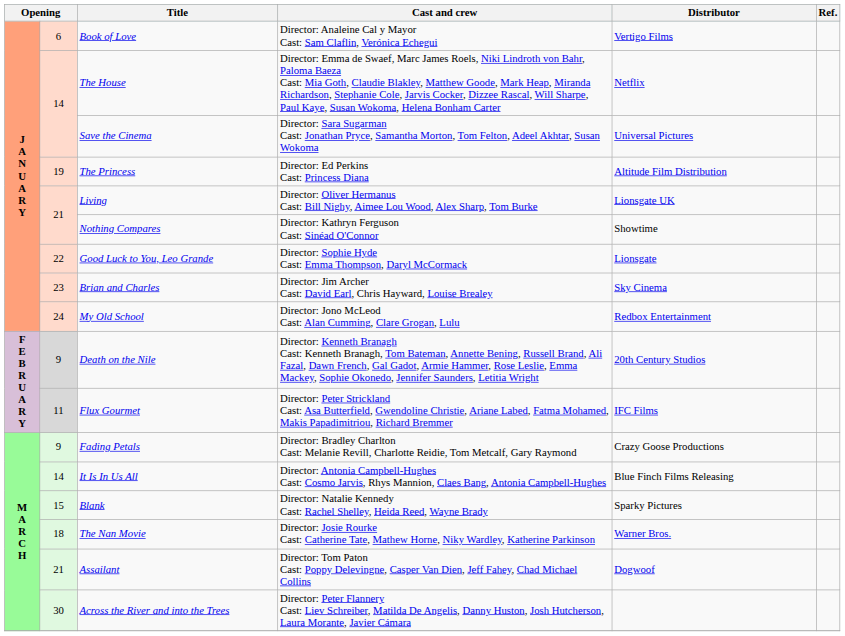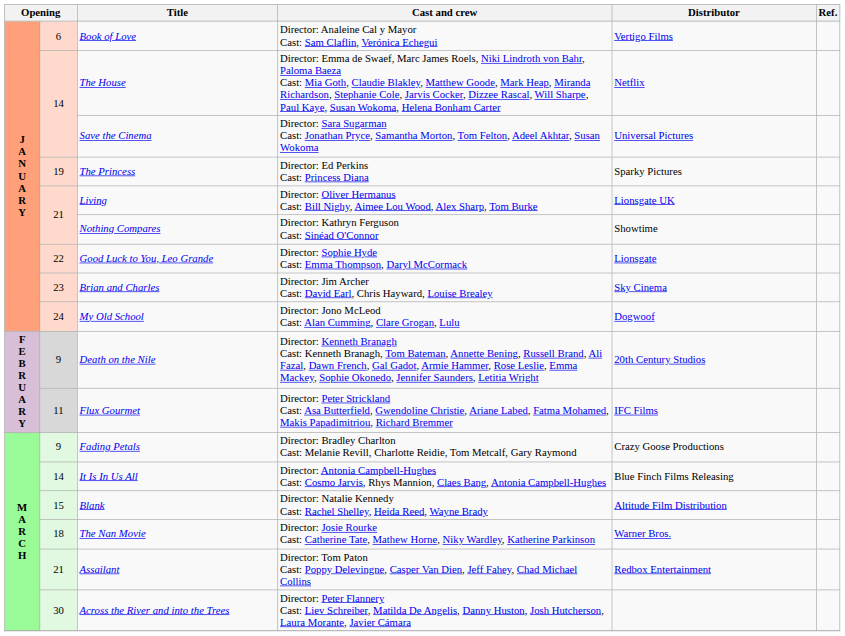 <table class="wikitable">
 <tr style="background:#b0e0e6; text-align:center;">
 <th colspan="2">Opening</th>
 <th style="width:24%;">Title</th>
 <th style="width:40%;">Cast and crew</th>
 <th>Distributor</th>
 <th style="width:2%;">Ref.</th>
 </tr>
 <tr>
 <th rowspan="9" style="text-align:center; background:#ffa07a; textcolor:#000;">J<br>A<br>N<br>U<br>A<br>R<br>Y</th>
 <td rowspan="1" style="text-align:center; background:#ffdacc;">6</td>
 <td><em><a href='#'>Book of Love</a></em></td>
 <td>Director: Analeine Cal y Mayor <br> Cast: <a href='#'>Sam Claflin</a>, <a href='#'>Verónica Echegui</a></td>
 <td><a href='#'>Vertigo Films</a></td>
 <td></td>
 </tr>
 <tr>
 <td rowspan="2" style="text-align:center; background:#ffdacc;">14</td>
 <td><em><a href='#'>The House</a></em></td>
 <td>Director: Emma de Swaef, Marc James Roels, <a href='#'>Niki Lindroth von Bahr</a>, <a href='#'>Paloma Baeza</a> <br> Cast: <a href='#'>Mia Goth</a>, <a href='#'>Claudie Blakley</a>, <a href='#'>Matthew Goode</a>, <a href='#'>Mark Heap</a>, <a href='#'>Miranda Richardson</a>, <a href='#'>Stephanie Cole</a>, <a href='#'>Jarvis Cocker</a>, <a href='#'>Dizzee Rascal</a>, <a href='#'>Will Sharpe</a>, <a href='#'>Paul Kaye</a>, <a href='#'>Susan Wokoma</a>, <a href='#'>Helena Bonham Carter</a></td>
 <td><a href='#'>Netflix</a></td>
 <td style="text-align:center"></td>
 </tr>
 <tr>
 <td><em><a href='#'>Save the Cinema</a></em></td>
 <td>Director: <a href='#'>Sara Sugarman</a> <br> Cast: <a href='#'>Jonathan Pryce</a>, <a href='#'>Samantha Morton</a>, <a href='#'>Tom Felton</a>, <a href='#'>Adeel Akhtar</a>, <a href='#'>Susan Wokoma</a></td>
 <td><a href='#'>Universal Pictures</a></td>
 <td style="text-align:center"></td>
 </tr>
 <tr>
 <td rowspan="1" style="text-align:center; background:#ffdacc;">19</td>
 <td><em><a href='#'>The Princess</a></em></td>
 <td>Director: Ed Perkins <br> Cast: <a href='#'>Princess Diana</a></td>
-<td><a href='#'>Altitude Film Distribution</a></td>
+<td>Sparky Pictures</td>
 <td style="text-align:center"></td>
 </tr>
 <tr>
 <td rowspan="2" style="text-align:center; background:#ffdacc;">21</td>
 <td><em><a href='#'>Living</a></em></td>
 <td>Director: <a href='#'>Oliver Hermanus</a> <br> Cast: <a href='#'>Bill Nighy</a>, <a href='#'>Aimee Lou Wood</a>, <a href='#'>Alex Sharp</a>, <a href='#'>Tom Burke</a></td>
 <td><a href='#'>Lionsgate UK</a></td>
 <td style="text-align:center"></td>
 </tr>
 <tr>
 <td><em><a href='#'>Nothing Compares</a></em></td>
 <td>Director: Kathryn Ferguson <br> Cast: <a href='#'>Sinéad O'Connor</a></td>
 <td>Showtime</td>
 <td></td>
 </tr>
 <tr>
 <td rowspan="1" style="text-align:center; background:#ffdacc;">22</td>
 <td><em><a href='#'>Good Luck to You, Leo Grande</a></em></td>
 <td>Director: <a href='#'>Sophie Hyde</a> <br> Cast: <a href='#'>Emma Thompson</a>, <a href='#'>Daryl McCormack</a></td>
 <td><a href='#'>Lionsgate</a></td>
 <td></td>
 </tr>
 <tr>
 <td rowspan="1" style="text-align:center; background:#ffdacc;">23</td>
 <td><em><a href='#'>Brian and Charles</a></em></td>
 <td>Director: Jim Archer <br> Cast: <a href='#'>David Earl</a>, Chris Hayward, <a href='#'>Louise Brealey</a></td>
 <td><a href='#'>Sky Cinema</a></td>
 <td></td>
 </tr>
 <tr>
 <td rowspan="1" style="text-align:center; background:#ffdacc;">24</td>
 <td><em><a href='#'>My Old School</a></em></td>
 <td>Director: Jono McLeod <br> Cast: <a href='#'>Alan Cumming</a>, <a href='#'>Clare Grogan</a>, <a href='#'>Lulu</a></td>
-<td><a href='#'>Redbox Entertainment</a></td>
+<td><a href='#'>Dogwoof</a></td>
 <td></td>
 </tr>
 <tr>
 <th rowspan="2" style="text-align:center; background:thistle; textcolor:#000;">F<br>E<br>B<br>R<br>U<br>A<br>R<br>Y</th>
 <td rowspan="1" style="text-align:center; background:#d8d8d8;">9</td>
 <td><em><a href='#'>Death on the Nile</a></em></td>
 <td>Director: <a href='#'>Kenneth Branagh</a> <br> Cast: Kenneth Branagh, <a href='#'>Tom Bateman</a>, <a href='#'>Annette Bening</a>, <a href='#'>Russell Brand</a>, <a href='#'>Ali Fazal</a>, <a href='#'>Dawn French</a>, <a href='#'>Gal Gadot</a>, <a href='#'>Armie Hammer</a>, <a href='#'>Rose Leslie</a>, <a href='#'>Emma Mackey</a>, <a href='#'>Sophie Okonedo</a>, <a href='#'>Jennifer Saunders</a>, <a href='#'>Letitia Wright</a></td>
 <td><a href='#'>20th Century Studios</a></td>
 <td style="text-align:center"></td>
 </tr>
 <tr>
 <td rowspan="1" style="text-align:center; background:#d8d8d8;">11</td>
 <td><em><a href='#'>Flux Gourmet</a></em></td>
 <td>Director: <a href='#'>Peter Strickland</a> <br> Cast: <a href='#'>Asa Butterfield</a>, <a href='#'>Gwendoline Christie</a>, <a href='#'>Ariane Labed</a>, <a href='#'>Fatma Mohamed</a>, <a href='#'>Makis Papadimitriou</a>, <a href='#'>Richard Bremmer</a></td>
 <td><a href='#'>IFC Films</a></td>
 <td></td>
 </tr>
 <tr>
 <th rowspan="6" style="text-align:center; background:#98fb98; textcolor:#000;">M<br>A<br>R<br>C<br>H</th>
 <td style="text-align:center; background:#e0f9e0;">9</td>
 <td><em><a href='#'>Fading Petals</a></em></td>
 <td>Director: Bradley Charlton<br>Cast: Melanie Revill, Charlotte Reidie, Tom Metcalf, Gary Raymond</td>
 <td>Crazy Goose Productions</td>
 <td></td>
 </tr>
 <tr>
 <td style="text-align:center; background:#e0f9e0;">14</td>
 <td><em><a href='#'>It Is In Us All</a></em></td>
 <td>Director: <a href='#'>Antonia Campbell-Hughes</a> <br> Cast: <a href='#'>Cosmo Jarvis</a>, Rhys Mannion, <a href='#'>Claes Bang</a>, <a href='#'>Antonia Campbell-Hughes</a></td>
 <td>Blue Finch Films Releasing</td>
 <td></td>
 </tr>
 <tr>
 <td style="text-align:center; background:#e0f9e0;">15</td>
 <td><em><a href='#'>Blank</a></em></td>
 <td>Director: Natalie Kennedy <br> Cast: <a href='#'>Rachel Shelley</a>, <a href='#'>Heida Reed</a>, <a href='#'>Wayne Brady</a></td>
-<td>Sparky Pictures</td>
+<td><a href='#'>Altitude Film Distribution</a></td>
 <td></td>
 </tr>
 <tr>
 <td style="text-align:center; background:#e0f9e0;">18</td>
 <td><em><a href='#'>The Nan Movie</a></em></td>
 <td>Director: <a href='#'>Josie Rourke</a> <br> Cast: <a href='#'>Catherine Tate</a>, <a href='#'>Mathew Horne</a>, <a href='#'>Niky Wardley</a>, <a href='#'>Katherine Parkinson</a></td>
 <td><a href='#'>Warner Bros.</a></td>
 <td style="text-align:center"></td>
 </tr>
 <tr>
 <td style="text-align:center; background:#e0f9e0;">21</td>
 <td><em><a href='#'>Assailant</a></em></td>
 <td>Director: Tom Paton <br> Cast: <a href='#'>Poppy Delevingne</a>, <a href='#'>Casper Van Dien</a>, <a href='#'>Jeff Fahey</a>, <a href='#'>Chad Michael Collins</a></td>
-<td><a href='#'>Dogwoof</a></td>
+<td><a href='#'>Redbox Entertainment</a></td>
 <td></td>
 </tr>
 <tr>
 <td style="text-align:center; background:#e0f9e0;">30</td>
 <td><em><a href='#'>Across the River and into the Trees</a></em></td>
 <td>Director: <a href='#'>Peter Flannery</a> <br> Cast: <a href='#'>Liev Schreiber</a>, <a href='#'>Matilda De Angelis</a>, <a href='#'>Danny Huston</a>, <a href='#'>Josh Hutcherson</a>, <a href='#'>Laura Morante</a>, <a href='#'>Javier Cámara</a></td>
 <td></td>
 <td style="text-align:center"></td>
 </tr>
 <tr>
 </tr>
 </table>
